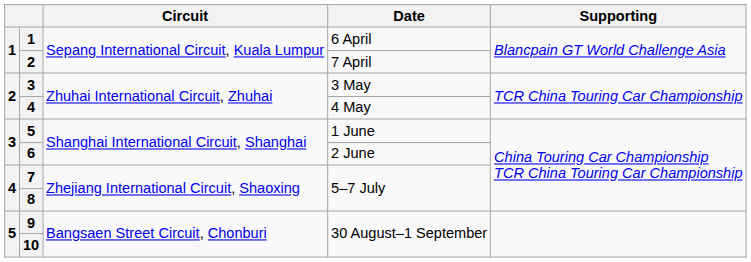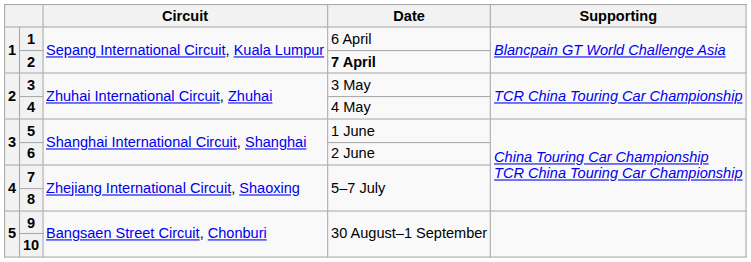 <table class="wikitable" style="font-size: 85%">
 <tr>
 <th colspan="2"></th>
 <th>Circuit</th>
 <th>Date</th>
 <th>Supporting</th>
 </tr>
 <tr>
 <th rowspan="2">1</th>
 <th>1</th>
 <td rowspan="2"> <a href='#'>Sepang International Circuit</a>, <a href='#'>Kuala Lumpur</a></td>
 <td>6 April</td>
 <td rowspan="2"><a href='#'><em>Blancpain GT World Challenge Asia</em></a></td>
 </tr>
 <tr>
 <th>2</th>
-<td>7 April</td>
+<td><strong>7 April</strong></td>
 </tr>
 <tr>
 <th rowspan="2">2</th>
 <th>3</th>
 <td rowspan="2"> <a href='#'>Zhuhai International Circuit</a>, <a href='#'>Zhuhai</a></td>
 <td>3 May</td>
 <td rowspan="2"><a href='#'><em>TCR China Touring Car Championship</em></a></td>
 </tr>
 <tr>
 <th>4</th>
 <td>4 May</td>
 </tr>
 <tr>
 <th rowspan="2">3</th>
 <th>5</th>
 <td rowspan="2"> <a href='#'>Shanghai International Circuit</a>, <a href='#'>Shanghai</a></td>
 <td>1 June</td>
 <td rowspan="4"><em><a href='#'>China Touring Car Championship</a></em><br><a href='#'><em>TCR China Touring Car Championship</em></a></td>
 </tr>
 <tr>
 <th>6</th>
 <td>2 June</td>
 </tr>
 <tr>
 <th rowspan="2">4</th>
 <th>7</th>
 <td rowspan="2"> <a href='#'>Zhejiang International Circuit</a>, <a href='#'>Shaoxing</a></td>
 <td rowspan="2">5–7 July</td>
 </tr>
 <tr>
 <th>8</th>
 </tr>
 <tr>
 <th rowspan="2">5</th>
 <th>9</th>
 <td rowspan="2"> <a href='#'>Bangsaen Street Circuit</a>, <a href='#'>Chonburi</a></td>
 <td rowspan="2">30 August–1 September</td>
 <td rowspan="2"></td>
 </tr>
 <tr>
 <th>10</th>
 </tr>
 </table>
